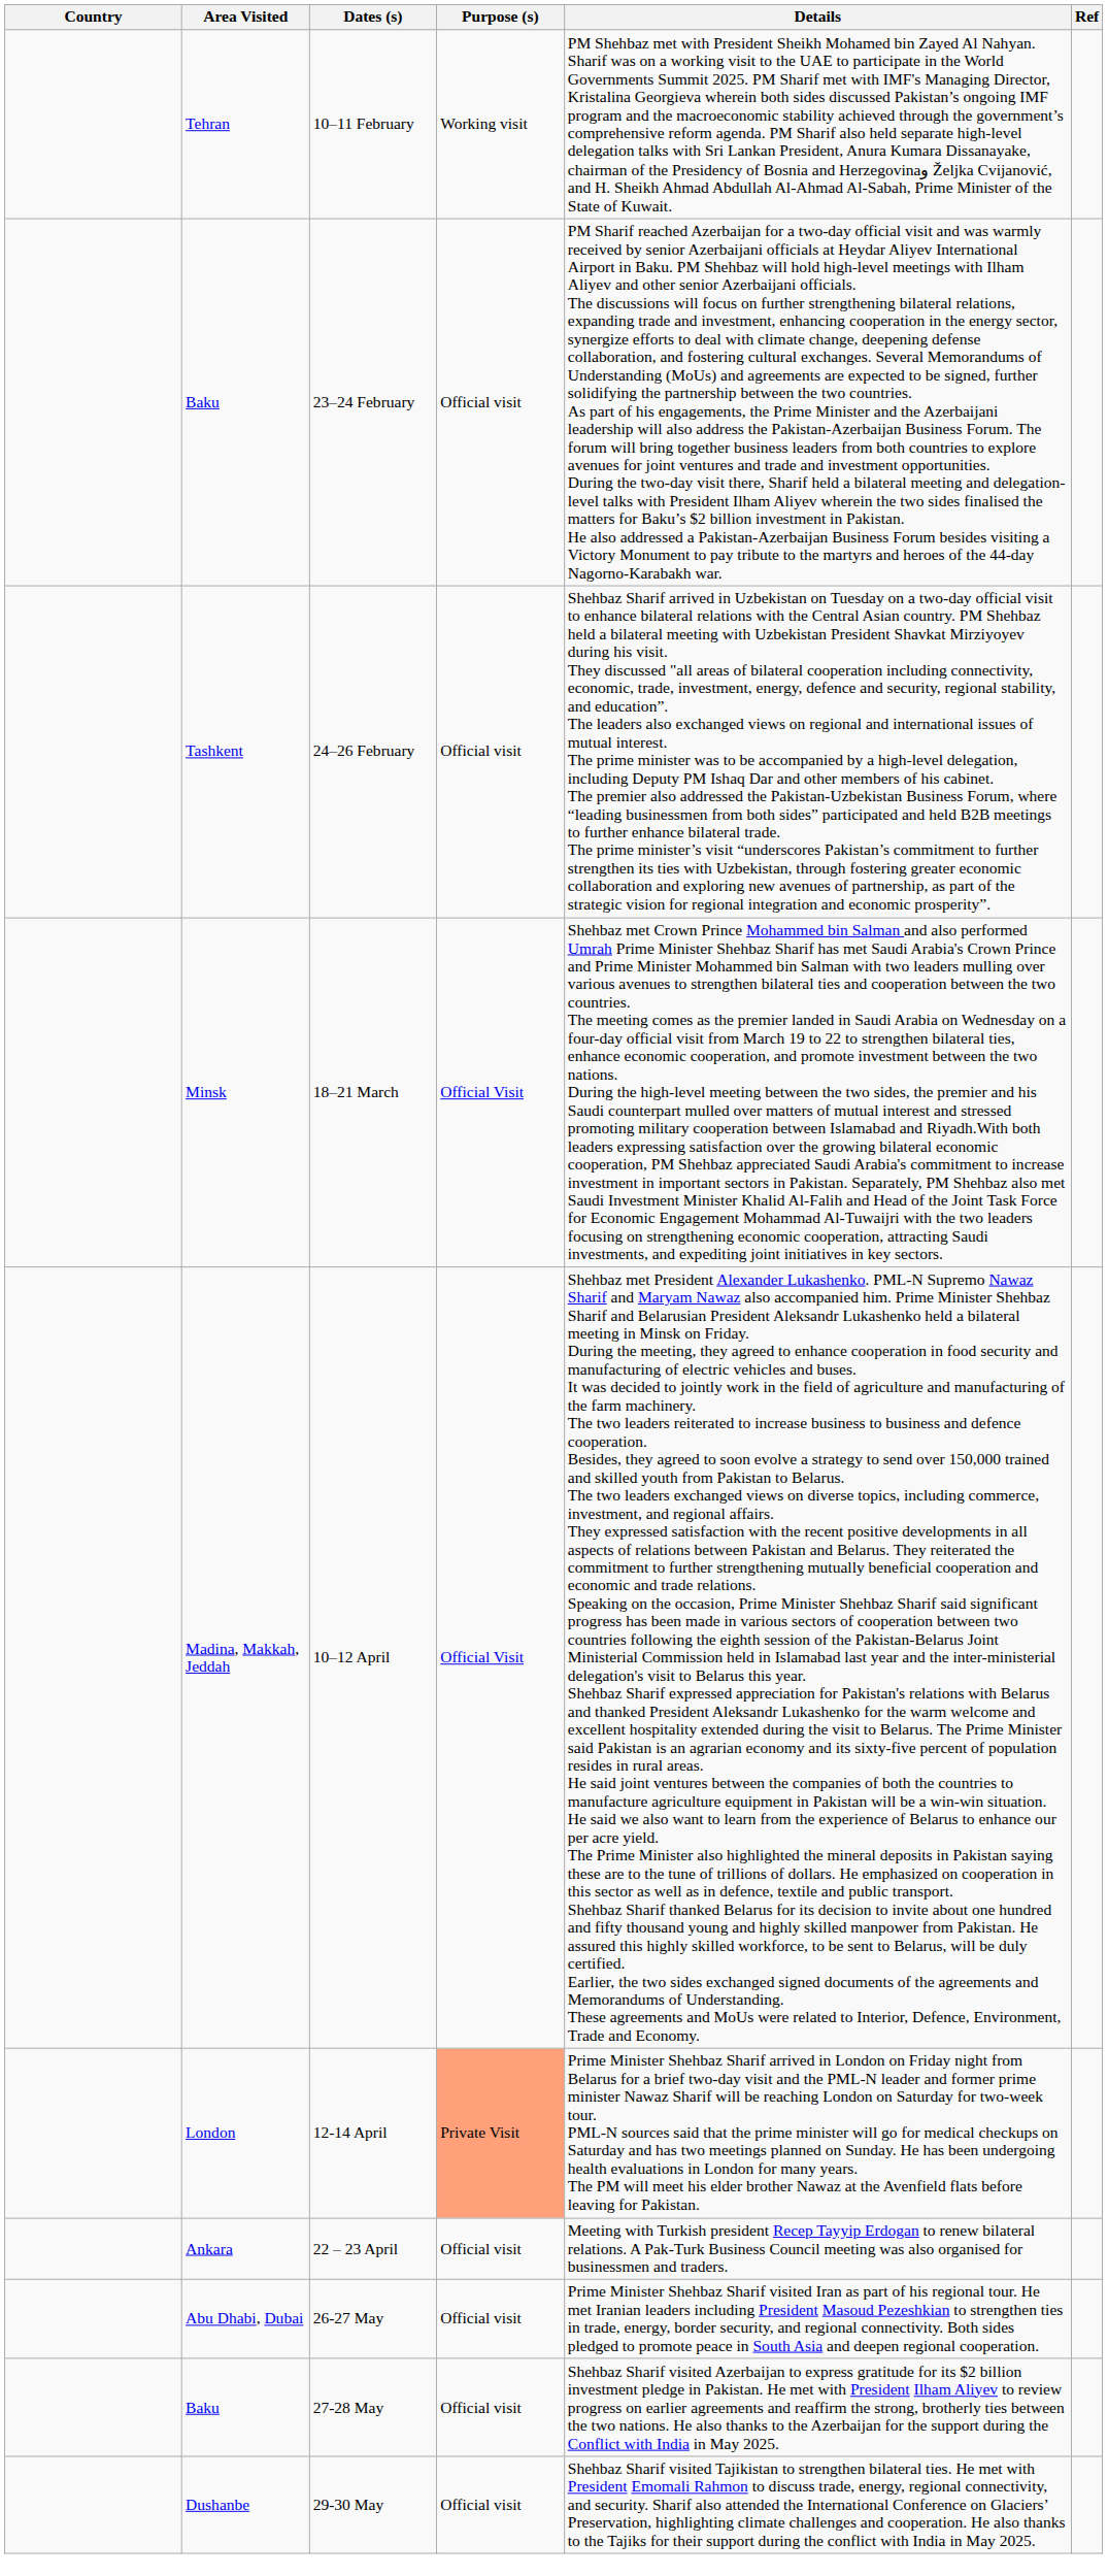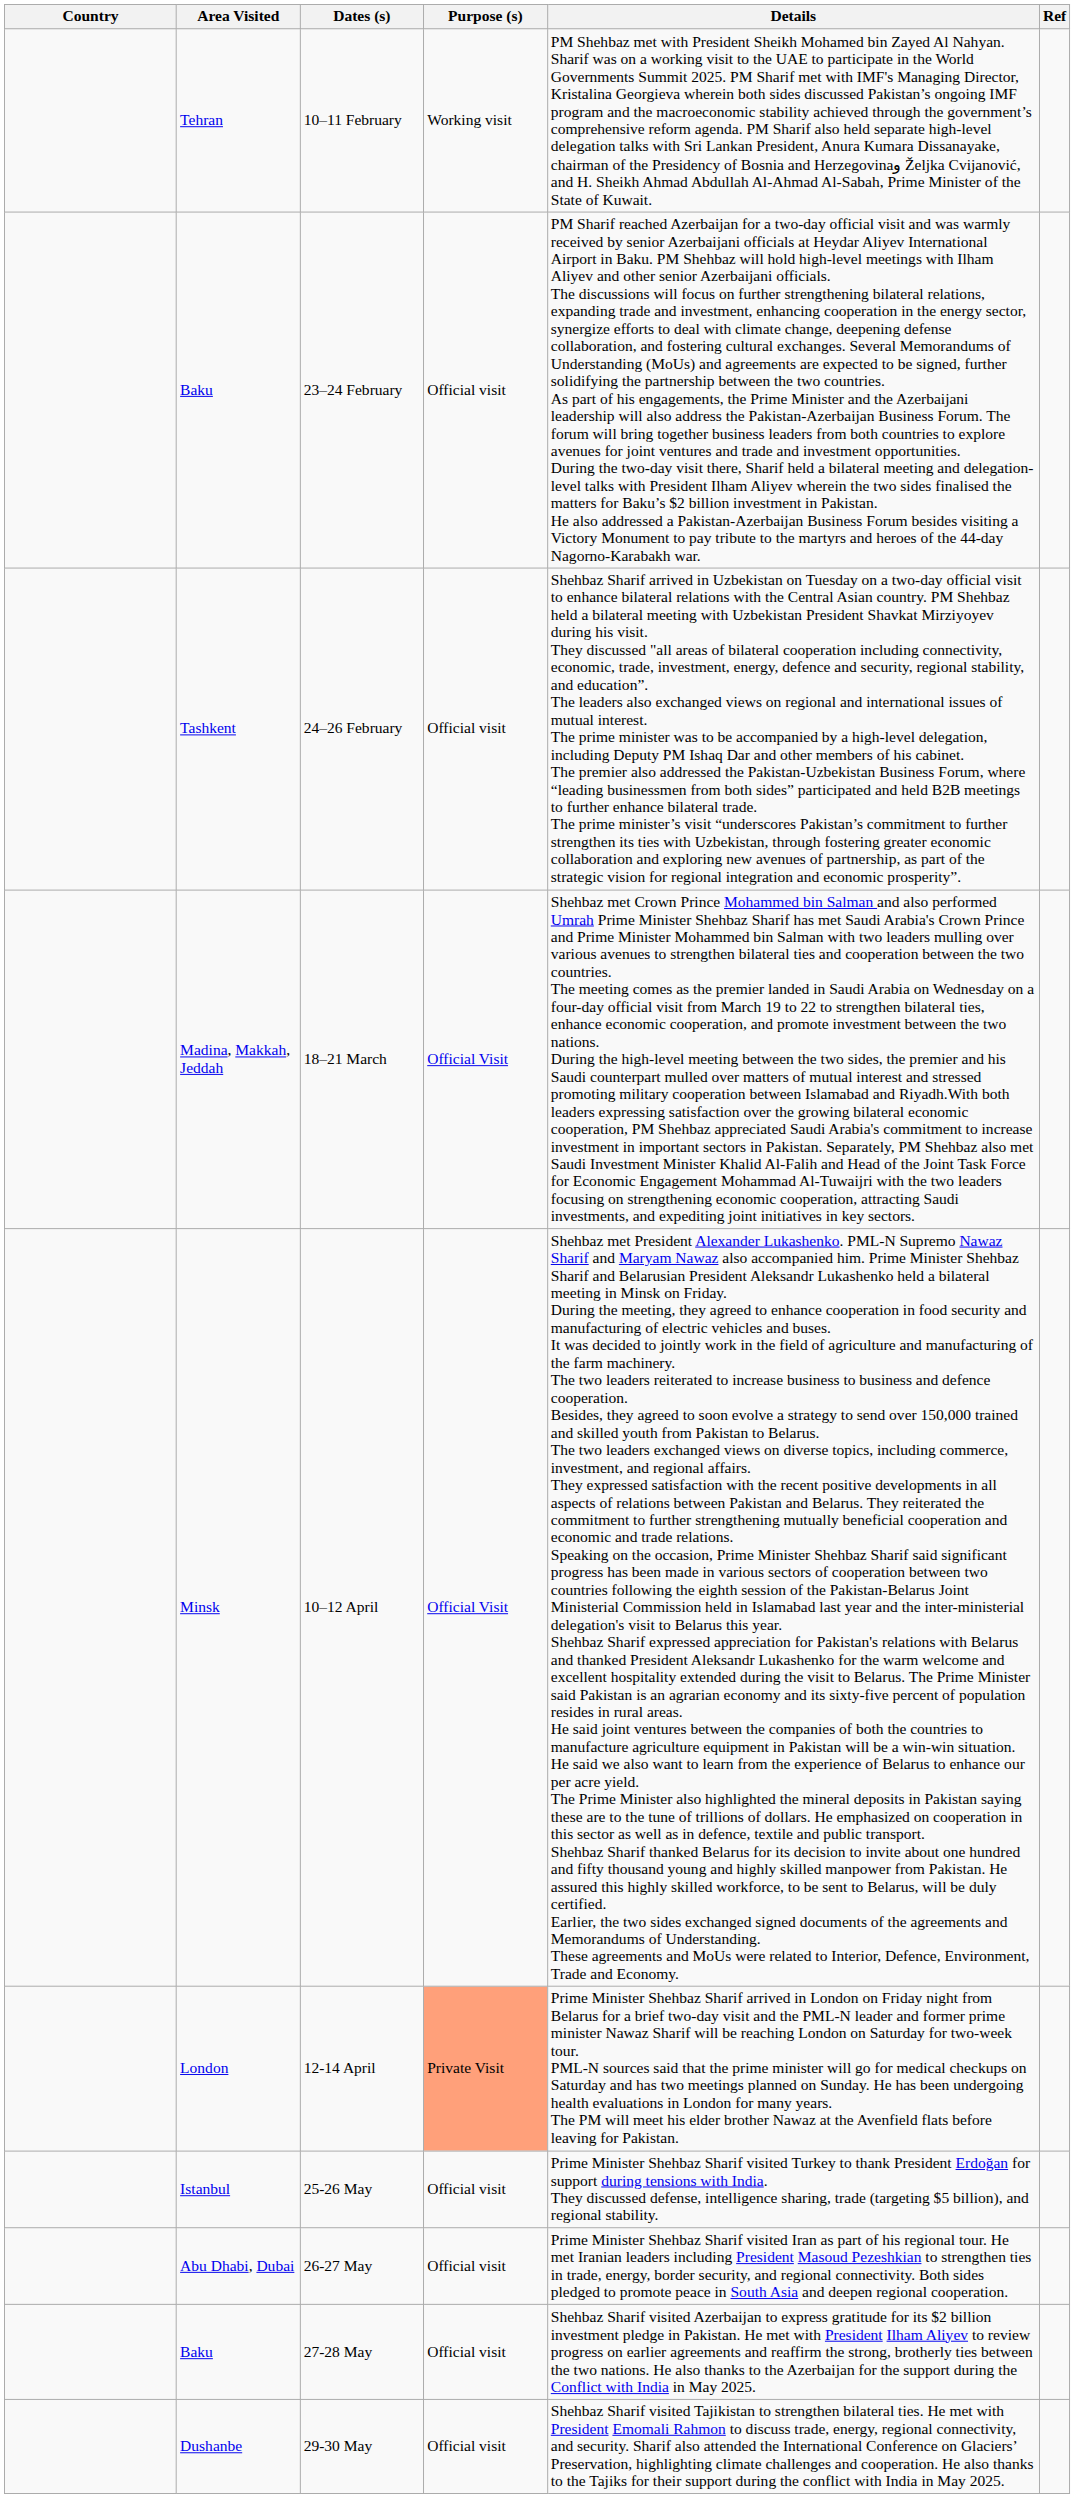 <table class="wikitable outercollapse sortable">
 <tr>
 <th width=170>Country</th>
 <th width=120>Area Visited</th>
 <th width=120>Dates (s)</th>
 <th width=120>Purpose (s)</th>
 <th width=500>Details</th>
 <th width=20>Ref</th>
 </tr>
 <tr>
 <td></td>
 <td><a href='#'>Tehran</a></td>
 <td>10–11 February</td>
 <td>Working visit</td>
 <td>PM Shehbaz met with President Sheikh Mohamed bin Zayed Al Nahyan. Sharif was on a working visit to the UAE to participate in the World Governments Summit 2025. PM Sharif met with IMF's Managing Director, Kristalina Georgieva wherein both sides discussed Pakistan’s ongoing IMF program and the macroeconomic stability achieved through the government’s comprehensive reform agenda. PM Sharif also held separate high-level delegation talks with Sri Lankan President, Anura Kumara Dissanayake, chairman of the Presidency of Bosnia and Herzegovinaو Željka Cvijanović, and H. Sheikh Ahmad Abdullah Al-Ahmad Al-Sabah, Prime Minister of the State of Kuwait.</td>
 <td></td>
 </tr>
 <tr>
 <td></td>
 <td><a href='#'>Baku</a></td>
 <td>23–24 February</td>
 <td>Official visit</td>
 <td>PM Sharif reached Azerbaijan for a two-day official visit and was warmly received by senior Azerbaijani officials at Heydar Aliyev International Airport in Baku. PM Shehbaz will hold high-level meetings with Ilham Aliyev and other senior Azerbaijani officials.<br>The discussions will focus on further strengthening bilateral relations, expanding trade and investment, enhancing cooperation in the energy sector, synergize efforts to deal with climate change, deepening defense collaboration, and fostering cultural exchanges. Several Memorandums of Understanding (MoUs) and agreements are expected to be signed, further solidifying the partnership between the two countries.<br>As part of his engagements, the Prime Minister and the Azerbaijani leadership will also address the Pakistan-Azerbaijan Business Forum. The forum will bring together business leaders from both countries to explore avenues for joint ventures and trade and investment opportunities.<br>During the two-day visit there, Sharif held a bilateral meeting and delegation-level talks with President Ilham Aliyev wherein the two sides finalised the matters for Baku’s $2 billion investment in Pakistan.<br>He also addressed a Pakistan-Azerbaijan Business Forum besides visiting a Victory Monument to pay tribute to the martyrs and heroes of the 44-day Nagorno-Karabakh war.</td>
 <td></td>
 </tr>
 <tr>
 <td></td>
 <td><a href='#'>Tashkent</a></td>
 <td>24–26 February</td>
 <td>Official visit</td>
 <td>Shehbaz Sharif arrived in Uzbekistan on Tuesday on a two-day official visit to enhance bilateral relations with the Central Asian country. PM Shehbaz held a bilateral meeting with Uzbekistan President Shavkat Mirziyoyev during his visit.<br>They discussed "all areas of bilateral cooperation including connectivity, economic, trade, investment, energy, defence and security, regional stability, and education”.<br>The leaders also exchanged views on regional and international issues of mutual interest.<br>The prime minister was to be accompanied by a high-level delegation, including Deputy PM Ishaq Dar and other members of his cabinet.<br>The premier also addressed the Pakistan-Uzbekistan Business Forum, where “leading businessmen from both sides” participated and held B2B meetings to further enhance bilateral trade.<br>The prime minister’s visit “underscores Pakistan’s commitment to further strengthen its ties with Uzbekistan, through fostering greater economic collaboration and exploring new avenues of partnership, as part of the strategic vision for regional integration and economic prosperity”.</td>
 <td></td>
 </tr>
 <tr>
 <td></td>
-<td><a href='#'>Minsk</a></td>
+<td><a href='#'>Madina</a>, <a href='#'>Makkah</a>, <a href='#'>Jeddah</a></td>
 <td>18–21 March</td>
 <td><a href='#'>Official Visit</a></td>
 <td> Shehbaz met Crown Prince <a href='#'>Mohammed bin Salman </a> and also performed <a href='#'>Umrah</a>  Prime Minister Shehbaz Sharif has met Saudi Arabia's Crown Prince and Prime Minister Mohammed bin Salman with two leaders mulling over various avenues to strengthen bilateral ties and cooperation between the two countries.<br>The meeting comes as the premier landed in Saudi Arabia on Wednesday on a four-day official visit from March 19 to 22 to strengthen bilateral ties, enhance economic cooperation, and promote investment between the two nations.<br>During the high-level meeting between the two sides, the premier and his Saudi counterpart mulled over matters of mutual interest and stressed promoting military cooperation between Islamabad and Riyadh.With both leaders expressing satisfaction over the growing bilateral economic cooperation, PM Shehbaz appreciated Saudi Arabia's commitment to increase investment in important sectors in Pakistan. Separately, PM Shehbaz also met Saudi Investment Minister Khalid Al-Falih and Head of the Joint Task Force for Economic Engagement Mohammad Al-Tuwaijri with the two leaders focusing on strengthening economic cooperation, attracting Saudi investments, and expediting joint initiatives in key sectors.</td>
 <td></td>
 </tr>
 <tr>
 <td></td>
-<td><a href='#'>Madina</a>, <a href='#'>Makkah</a>, <a href='#'>Jeddah</a></td>
+<td><a href='#'>Minsk</a></td>
 <td>10–12 April</td>
 <td><a href='#'>Official Visit</a></td>
 <td> Shehbaz met President <a href='#'>Alexander Lukashenko</a>. PML-N Supremo <a href='#'>Nawaz Sharif</a> and <a href='#'>Maryam Nawaz</a> also accompanied him. Prime Minister Shehbaz Sharif and Belarusian President Aleksandr Lukashenko held a bilateral meeting in Minsk on Friday.<br>During the meeting, they agreed to enhance cooperation in food security and manufacturing of electric vehicles and buses.<br>It was decided to jointly work in the field of agriculture and manufacturing of the farm machinery.<br>The two leaders reiterated to increase business to business and defence cooperation.<br>Besides, they agreed to soon evolve a strategy to send over 150,000 trained and skilled youth from Pakistan to Belarus.<br>The two leaders exchanged views on diverse topics, including commerce, investment, and regional affairs.<br>They expressed satisfaction with the recent positive developments in all aspects of relations between Pakistan and Belarus. They reiterated the commitment to further strengthening mutually beneficial cooperation and economic and trade relations.<br>Speaking on the occasion, Prime Minister Shehbaz Sharif said significant progress has been made in various sectors of cooperation between two countries following the eighth session of the Pakistan-Belarus Joint Ministerial Commission held in Islamabad last year and the inter-ministerial delegation's visit to Belarus this year.<br>Shehbaz Sharif expressed appreciation for Pakistan's relations with Belarus and thanked President Aleksandr Lukashenko for the warm welcome and excellent hospitality extended during the visit to Belarus. The Prime Minister said Pakistan is an agrarian economy and its sixty-five percent of population resides in rural areas.<br>He said joint ventures between the companies of both the countries to manufacture agriculture equipment in Pakistan will be a win-win situation. He said we also want to learn from the experience of Belarus to enhance our per acre yield.<br>The Prime Minister also highlighted the mineral deposits in Pakistan saying these are to the tune of trillions of dollars. He emphasized on cooperation in this sector as well as in defence, textile and public transport.<br>Shehbaz Sharif thanked Belarus for its decision to invite about one hundred and fifty thousand young and highly skilled manpower from Pakistan. He assured this highly skilled workforce, to be sent to Belarus, will be duly certified.<br>Earlier, the two sides exchanged signed documents of the agreements and Memorandums of Understanding.<br>These agreements and MoUs were related to Interior, Defence, Environment, Trade and Economy.</td>
 </tr>
 <tr>
 <td></td>
 <td><a href='#'>London</a></td>
 <td>12-14 April</td>
 <td style="background: lightsalmon;">Private Visit</td>
 <td>Prime Minister Shehbaz Sharif arrived in London on Friday night from Belarus for a brief two-day visit and the PML-N leader and former prime minister Nawaz Sharif will be reaching London on Saturday for two-week tour.<br>PML-N sources said that the prime minister will go for medical checkups on Saturday and has two meetings planned on Sunday. He has been undergoing health evaluations in London for many years.<br>The PM will meet his elder brother Nawaz at the Avenfield flats before leaving for Pakistan.</td>
 <td></td>
 </tr>
 <tr>
 <td></td>
-<td><a href='#'>Ankara</a></td>
-<td>22 – 23 April</td>
+<td><a href='#'>Istanbul</a></td>
+<td>25-26 May</td>
 <td>Official visit</td>
-<td> Meeting with Turkish president <a href='#'>Recep Tayyip Erdogan</a> to renew bilateral relations. A Pak-Turk Business Council meeting was also organised for businessmen and traders.</td>
+<td>Prime Minister Shehbaz Sharif visited Turkey to thank President <a href='#'>Erdoğan</a> for support <a href='#'>during tensions with India</a>.<br>They discussed defense, intelligence sharing, trade (targeting $5 billion), and regional stability.</td>
 <td></td>
 </tr>
 <tr>
 <td></td>
 <td><a href='#'>Abu Dhabi</a>, <a href='#'>Dubai</a></td>
 <td>26-27 May</td>
 <td>Official visit</td>
 <td>Prime Minister Shehbaz Sharif visited Iran as part of his regional tour. He met Iranian leaders including <a href='#'>President</a> <a href='#'>Masoud Pezeshkian</a> to strengthen ties in trade, energy, border security, and regional connectivity. Both sides pledged to promote peace in <a href='#'>South Asia</a> and deepen regional cooperation.</td>
 <td></td>
 </tr>
 <tr>
 <td></td>
 <td><a href='#'>Baku</a></td>
 <td>27-28 May</td>
 <td>Official visit</td>
 <td>Shehbaz Sharif visited Azerbaijan to express gratitude for its $2 billion investment pledge in Pakistan. He met with <a href='#'>President</a> <a href='#'>Ilham Aliyev</a> to review progress on earlier agreements and reaffirm the strong, brotherly ties between the two nations. He also thanks to the Azerbaijan for the support during the <a href='#'>Conflict with India</a> in May 2025.</td>
 <td></td>
 </tr>
 <tr>
 <td></td>
 <td><a href='#'>Dushanbe</a></td>
 <td>29-30 May</td>
 <td>Official visit</td>
 <td>Shehbaz Sharif visited Tajikistan to strengthen bilateral ties. He met with <a href='#'>President</a> <a href='#'>Emomali Rahmon</a> to discuss trade, energy, regional connectivity, and security. Sharif also attended the International Conference on Glaciers’ Preservation, highlighting climate challenges and cooperation. He also thanks to the Tajiks for their support during the conflict with India in May 2025.</td>
 <td></td>
 </tr>
 </table>
